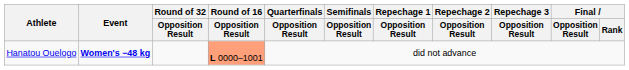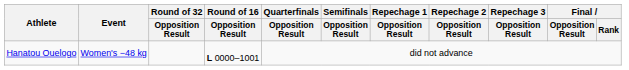 <table class="wikitable" style="font-size:90%">
 <tr>
 <th rowspan="2">Athlete</th>
 <th rowspan="2">Event</th>
 <th>Round of 32</th>
 <th>Round of 16</th>
 <th>Quarterfinals</th>
 <th>Semifinals</th>
 <th>Repechage 1</th>
 <th>Repechage 2</th>
 <th>Repechage 3</th>
 <th colspan=2>Final / </th>
 </tr>
 <tr style="font-size:95%">
 <th>Opposition<br>Result</th>
 <th>Opposition<br>Result</th>
 <th>Opposition<br>Result</th>
 <th>Opposition<br>Result</th>
 <th>Opposition<br>Result</th>
 <th>Opposition<br>Result</th>
 <th>Opposition<br>Result</th>
 <th>Opposition<br>Result</th>
 <th>Rank</th>
 </tr>
 <tr align=center>
 <td align=left><a href='#'>Hanatou Ouelogo</a></td>
-<td align=left><strong><a href='#'>Women's −48 kg</a></strong></td>
+<td align=left><a href='#'>Women's −48 kg</a></td>
 <td></td>
-<td style="background: lightsalmon;"><br><strong>L</strong> 0000–1001</td>
+<td><br><strong>L</strong> 0000–1001</td>
 <td colspan=7>did not advance</td>
 </tr>
 </table>
